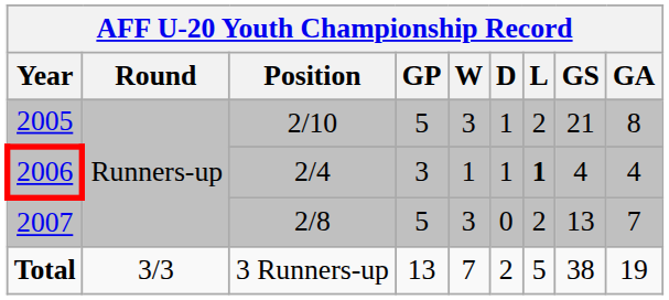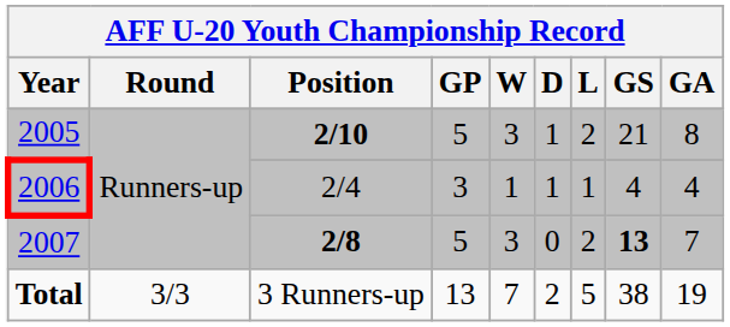 <table class="wikitable" style="text-align: center;font-size:90%;">
 <tr>
 <th colspan=9><a href='#'>AFF U-20 Youth Championship Record</a></th>
 </tr>
 <tr>
 <th>Year</th>
 <th>Round</th>
 <th>Position</th>
 <th>GP</th>
 <th>W</th>
 <th>D</th>
 <th>L</th>
 <th>GS</th>
 <th>GA</th>
 </tr>
 <tr bgcolor=silver>
 <td> <a href='#'>2005</a></td>
 <td rowspan="3">Runners-up</td>
-<td>2/10</td>
+<td><strong>2/10</strong></td>
 <td>5</td>
 <td>3</td>
 <td>1</td>
 <td>2</td>
 <td>21</td>
 <td>8</td>
 </tr>
 <tr bgcolor=silver>
 <td style="border: 3px solid red"> <a href='#'>2006</a></td>
 <td>2/4</td>
 <td>3</td>
 <td>1</td>
 <td>1</td>
-<td><strong>1</strong></td>
+<td>1</td>
 <td>4</td>
 <td>4</td>
 </tr>
 <tr bgcolor=silver>
 <td> <a href='#'>2007</a></td>
-<td>2/8</td>
+<td><strong>2/8</strong></td>
 <td>5</td>
 <td>3</td>
 <td>0</td>
 <td>2</td>
-<td>13</td>
+<td><strong>13</strong></td>
 <td>7</td>
 </tr>
 <tr>
 <td><strong>Total</strong></td>
 <td>3/3</td>
 <td>3 Runners-up</td>
 <td>13</td>
 <td>7</td>
 <td>2</td>
 <td>5</td>
 <td>38</td>
 <td>19</td>
 </tr>
 </table>
